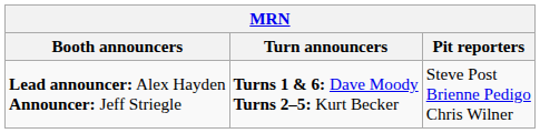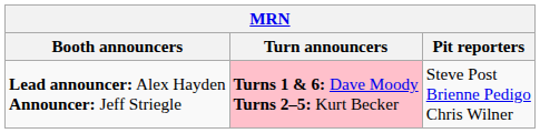 <table class="wikitable" style="font-size: 95%">
 <tr>
 <th colspan="3"><a href='#'>MRN</a></th>
 </tr>
 <tr>
 <th>Booth announcers</th>
 <th>Turn announcers</th>
 <th>Pit reporters</th>
 </tr>
 <tr>
 <td><strong>Lead announcer:</strong> Alex Hayden<br><strong>Announcer:</strong> Jeff Striegle</td>
-<td><strong>Turns 1 & 6:</strong> <a href='#'>Dave Moody</a><br><strong>Turns 2–5:</strong> Kurt Becker</td>
+<td style="background: pink;"><strong>Turns 1 & 6:</strong> <a href='#'>Dave Moody</a><br><strong>Turns 2–5:</strong> Kurt Becker</td>
 <td>Steve Post<br><a href='#'>Brienne Pedigo</a><br>Chris Wilner</td>
 </tr>
 </table>
